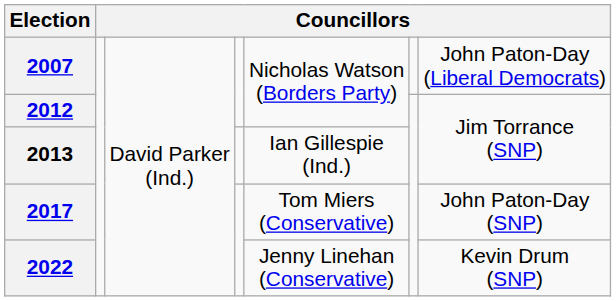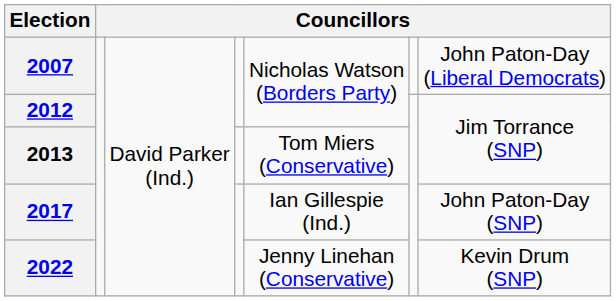 <table class="wikitable" style="text-align:center">
 <tr>
 <th>Election</th>
 <th colspan=8>Councillors</th>
 </tr>
 <tr>
 <th><a href='#'>2007</a></th>
 <td rowspan=5; style="background-color: "></td>
 <td rowspan=5>David Parker<br>(Ind.)</td>
 <td rowspan=2; style="background-color: "></td>
 <td rowspan=2>Nicholas Watson<br>(<a href='#'>Borders Party</a>)</td>
 <td rowspan=1; style="background-color: "></td>
 <td rowspan=1>John Paton-Day<br>(<a href='#'>Liberal Democrats</a>)</td>
 </tr>
 <tr>
 <th><a href='#'>2012</a></th>
 <td rowspan=4; style="background-color: "></td>
 <td rowspan=2>Jim Torrance<br>(<a href='#'>SNP</a>)</td>
 </tr>
 <tr>
 <th>2013</th>
 <td rowspan=1; style="background-color: "></td>
-<td rowspan=1>Ian Gillespie<br>(Ind.)</td>
+<td rowspan=1>Tom Miers<br>(<a href='#'>Conservative</a>)</td>
 </tr>
 <tr>
 <th><a href='#'>2017</a></th>
 <td rowspan=2; style="background-color: "></td>
-<td rowspan=1>Tom Miers<br>(<a href='#'>Conservative</a>)</td>
+<td rowspan=1>Ian Gillespie<br>(Ind.)</td>
 <td rowspan=1>John Paton-Day<br>(<a href='#'>SNP</a>)</td>
 </tr>
 <tr>
 <th><a href='#'>2022</a></th>
 <td rowspan=1>Jenny Linehan<br>(<a href='#'>Conservative</a>)</td>
 <td rowspan=1>Kevin Drum<br>(<a href='#'>SNP</a>)</td>
 </tr>
 </table>
